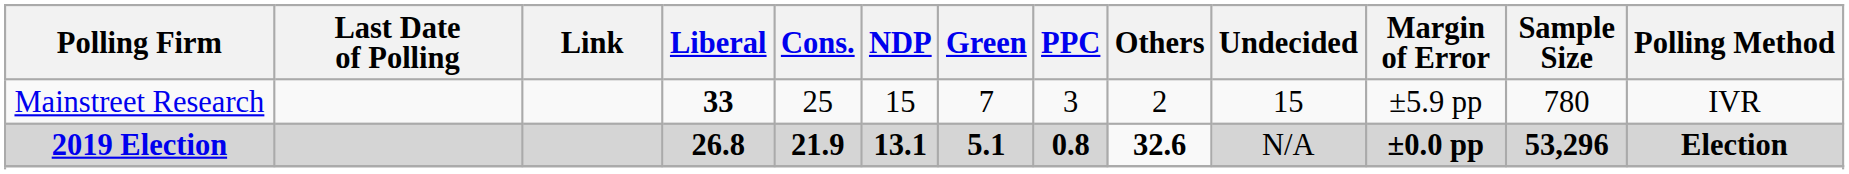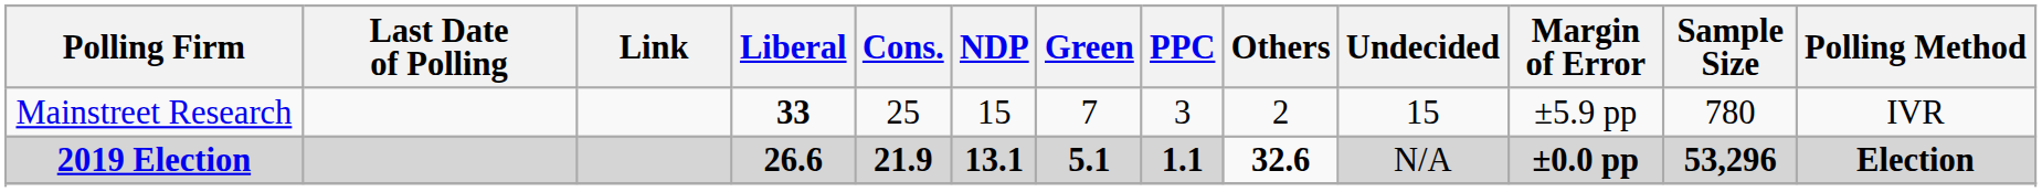 <table class="wikitable sortable" style="text-align:center;font-size:90%;line-height:14px;">
 <tr style="background:#e9e9e9;">
 <th style="width:120px">Polling Firm</th>
 <th style="width:110px">Last Date<br>of Polling</th>
 <th style="width:60px" class="unsortable">Link</th>
 <th style="background-color:"><a href='#'>Liberal</a></th>
 <th style="background-color:"><a href='#'>Cons.</a></th>
 <th style="background-color:"><a href='#'>NDP</a></th>
 <th style="background-color:"><a href='#'>Green</a></th>
 <th style="background-color:"><a href='#'><span>PPC</span></a></th>
 <th style="background-color:">Others</th>
 <th style="background-color:">Undecided</th>
 <th style="width:60px;" class=unsortable>Margin<br>of Error</th>
 <th style="width:50px;" class=unsortable>Sample<br>Size</th>
 <th class=unsortable>Polling Method</th>
 </tr>
 <tr>
 <td><a href='#'>Mainstreet Research</a></td>
 <td></td>
 <td></td>
 <td><strong>33</strong></td>
 <td>25</td>
 <td>15</td>
 <td>7</td>
 <td>3</td>
 <td>2</td>
 <td>15</td>
 <td>±5.9 pp</td>
 <td>780</td>
 <td>IVR</td>
 </tr>
 <tr>
 <td style="background:#D5D5D5"><strong><a href='#'>2019 Election</a></strong></td>
 <td style="background:#D5D5D5"><strong></strong></td>
 <td style="background:#D5D5D5"></td>
-<td style="background:#D5D5D5"><strong>26.8</strong></td>
+<td style="background:#D5D5D5"><strong>26.6</strong></td>
 <td style="background:#D5D5D5"><strong>21.9</strong></td>
 <td style="background:#D5D5D5"><strong>13.1</strong></td>
 <td style="background:#D5D5D5"><strong>5.1</strong></td>
-<td style="background:#D5D5D5"><strong>0.8</strong></td>
+<td style="background:#D5D5D5"><strong>1.1</strong></td>
 <td><strong>32.6</strong></td>
 <td style="background:#D5D5D5">N/A</td>
 <td style="background:#D5D5D5"><strong>±0.0 pp</strong></td>
 <td style="background:#D5D5D5"><strong>53,296</strong></td>
 <td style="background:#D5D5D5"><strong>Election</strong></td>
 </tr>
 <tr>
 </tr>
 <tr>
 </tr>
 </table>
